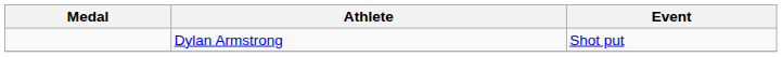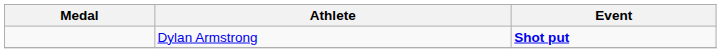 <table class="wikitable" style="font-size:90%" width=60%>
 <tr>
 <th>Medal</th>
 <th>Athlete</th>
 <th>Event</th>
 </tr>
 <tr>
 <td></td>
 <td><a href='#'>Dylan Armstrong</a></td>
-<td><a href='#'>Shot put</a></td>
+<td><strong><a href='#'>Shot put</a></strong></td>
 </tr>
 <tr>
 </tr>
 </table>
